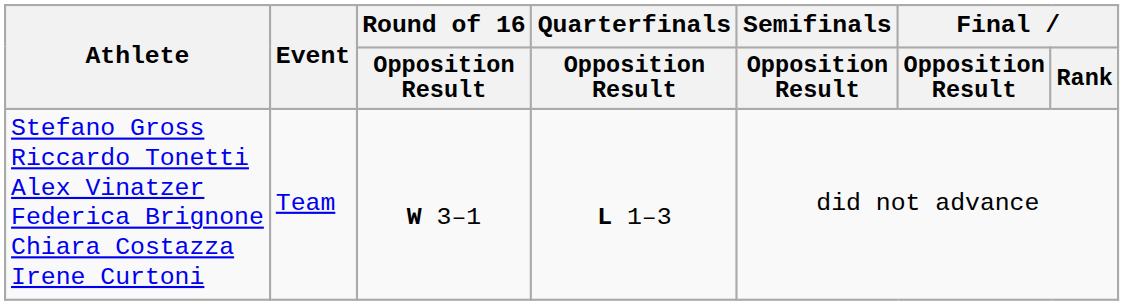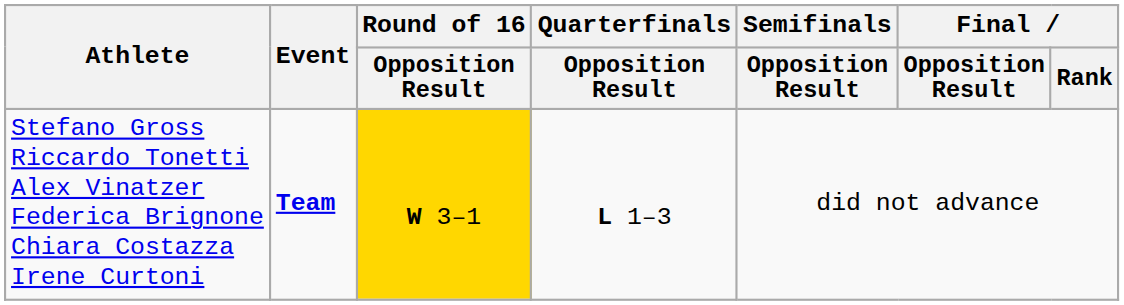 <table class="wikitable" style="font-size:90%">
 <tr>
 <th rowspan="2">Athlete</th>
 <th rowspan="2">Event</th>
 <th>Round of 16</th>
 <th>Quarterfinals</th>
 <th>Semifinals</th>
 <th colspan=2>Final / </th>
 </tr>
 <tr style="font-size:95%">
 <th>Opposition<br>Result</th>
 <th>Opposition<br>Result</th>
 <th>Opposition<br>Result</th>
 <th>Opposition<br>Result</th>
 <th>Rank</th>
 </tr>
 <tr align=center>
 <td align="left"><a href='#'>Stefano Gross</a><br><a href='#'>Riccardo Tonetti</a><br><a href='#'>Alex Vinatzer</a><br><a href='#'>Federica Brignone</a><br><a href='#'>Chiara Costazza</a><br><a href='#'>Irene Curtoni</a></td>
-<td align="left"><a href='#'>Team</a></td>
-<td><br><strong>W</strong> 3–1</td>
+<td align="left"><strong><a href='#'>Team</a></strong></td>
+<td style="background: gold;"><br><strong>W</strong> 3–1</td>
 <td><br><strong>L</strong> 1–3</td>
 <td colspan=3>did not advance</td>
 </tr>
 </table>
